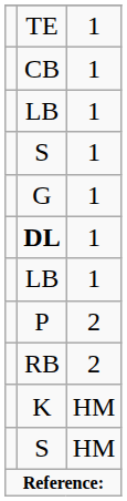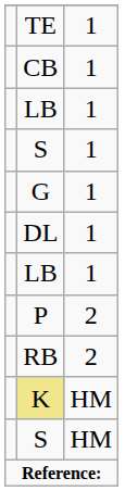 <table class="wikitable sortable sortable" style="text-align: center">
 <tr align=center>
 </tr>
 <tr>
 <td></td>
 <td>TE</td>
 <td>1</td>
 </tr>
 <tr>
 <td></td>
 <td>CB</td>
 <td>1</td>
 </tr>
 <tr>
 <td></td>
 <td>LB</td>
 <td>1</td>
 </tr>
 <tr>
 <td></td>
 <td>S</td>
 <td>1</td>
 </tr>
 <tr>
 <td></td>
 <td>G</td>
 <td>1</td>
 </tr>
 <tr>
 <td></td>
-<td><strong>DL</strong></td>
+<td>DL</td>
 <td>1</td>
 </tr>
 <tr>
 <td></td>
 <td>LB</td>
 <td>1</td>
 </tr>
 <tr>
 <td></td>
 <td>P</td>
 <td>2</td>
 </tr>
 <tr>
 <td></td>
 <td>RB</td>
 <td>2</td>
 </tr>
 <tr>
 <td></td>
-<td>K</td>
+<td style="background: khaki;">K</td>
 <td>HM</td>
 </tr>
 <tr>
 <td></td>
 <td>S</td>
 <td>HM</td>
 </tr>
 <tr class="sort bottom">
 <td colspan="4"  style="font-size:8pt; text-align:center;"><strong>Reference:</strong></td>
 </tr>
 </table>
